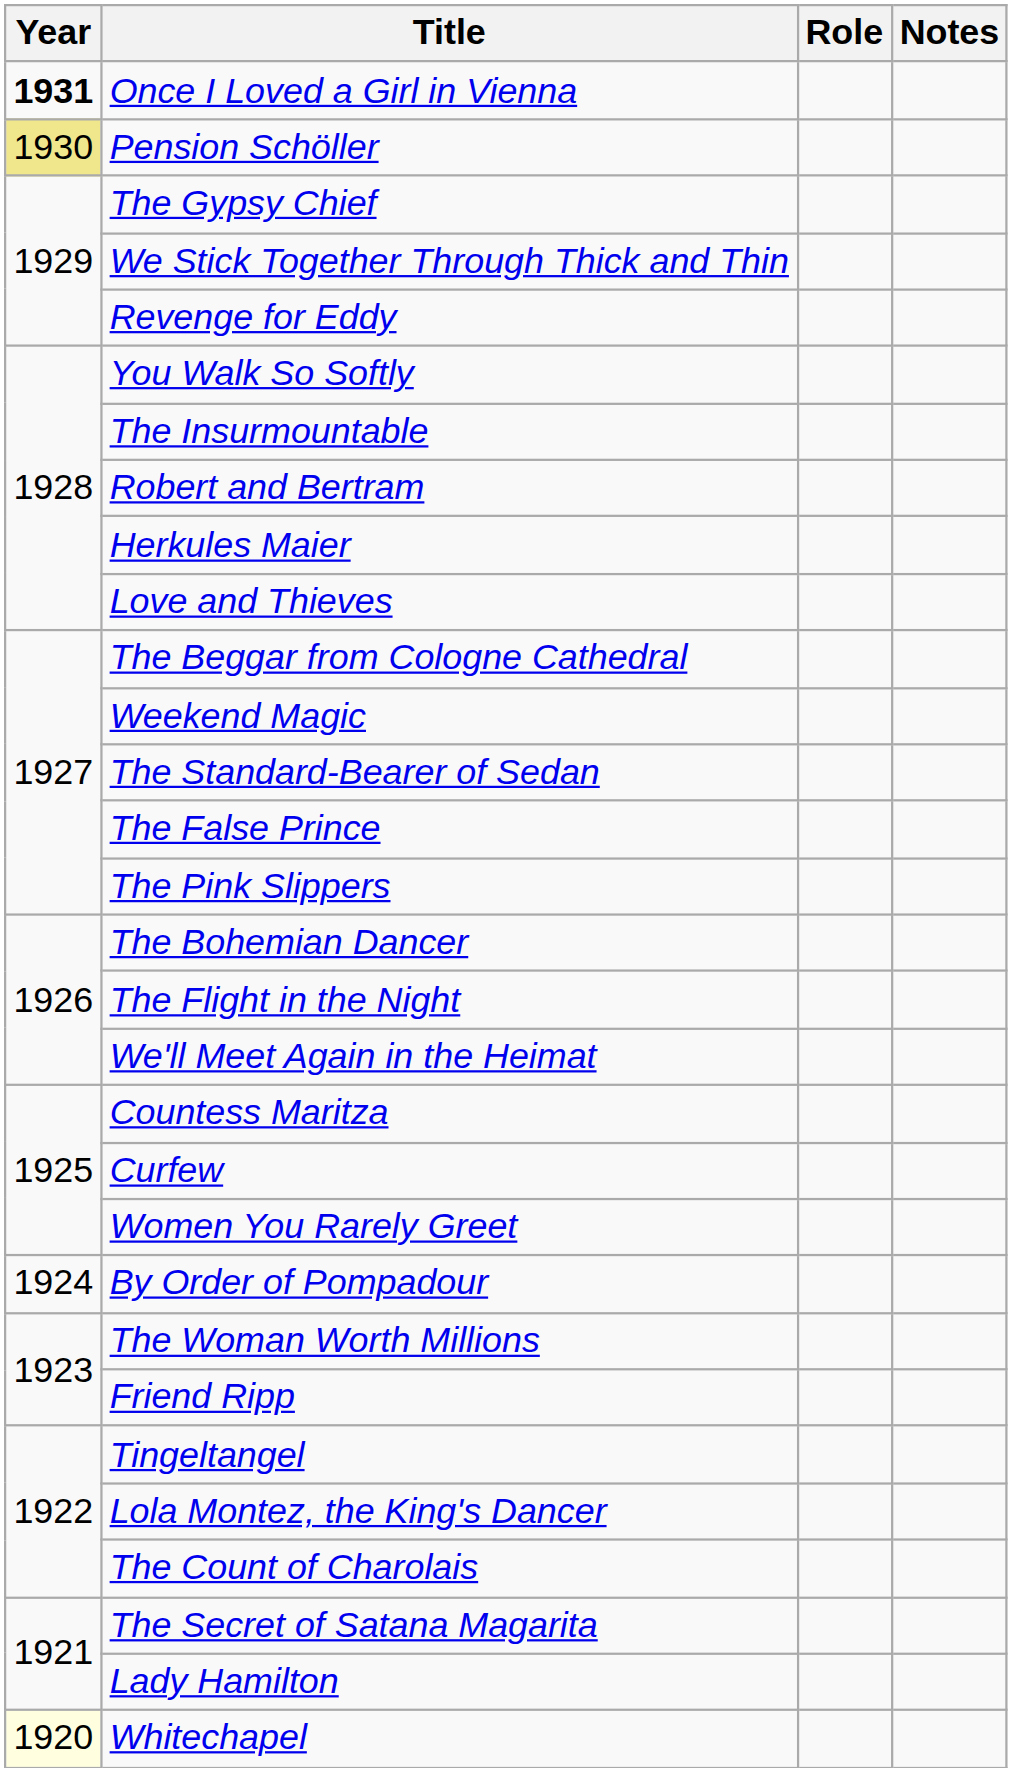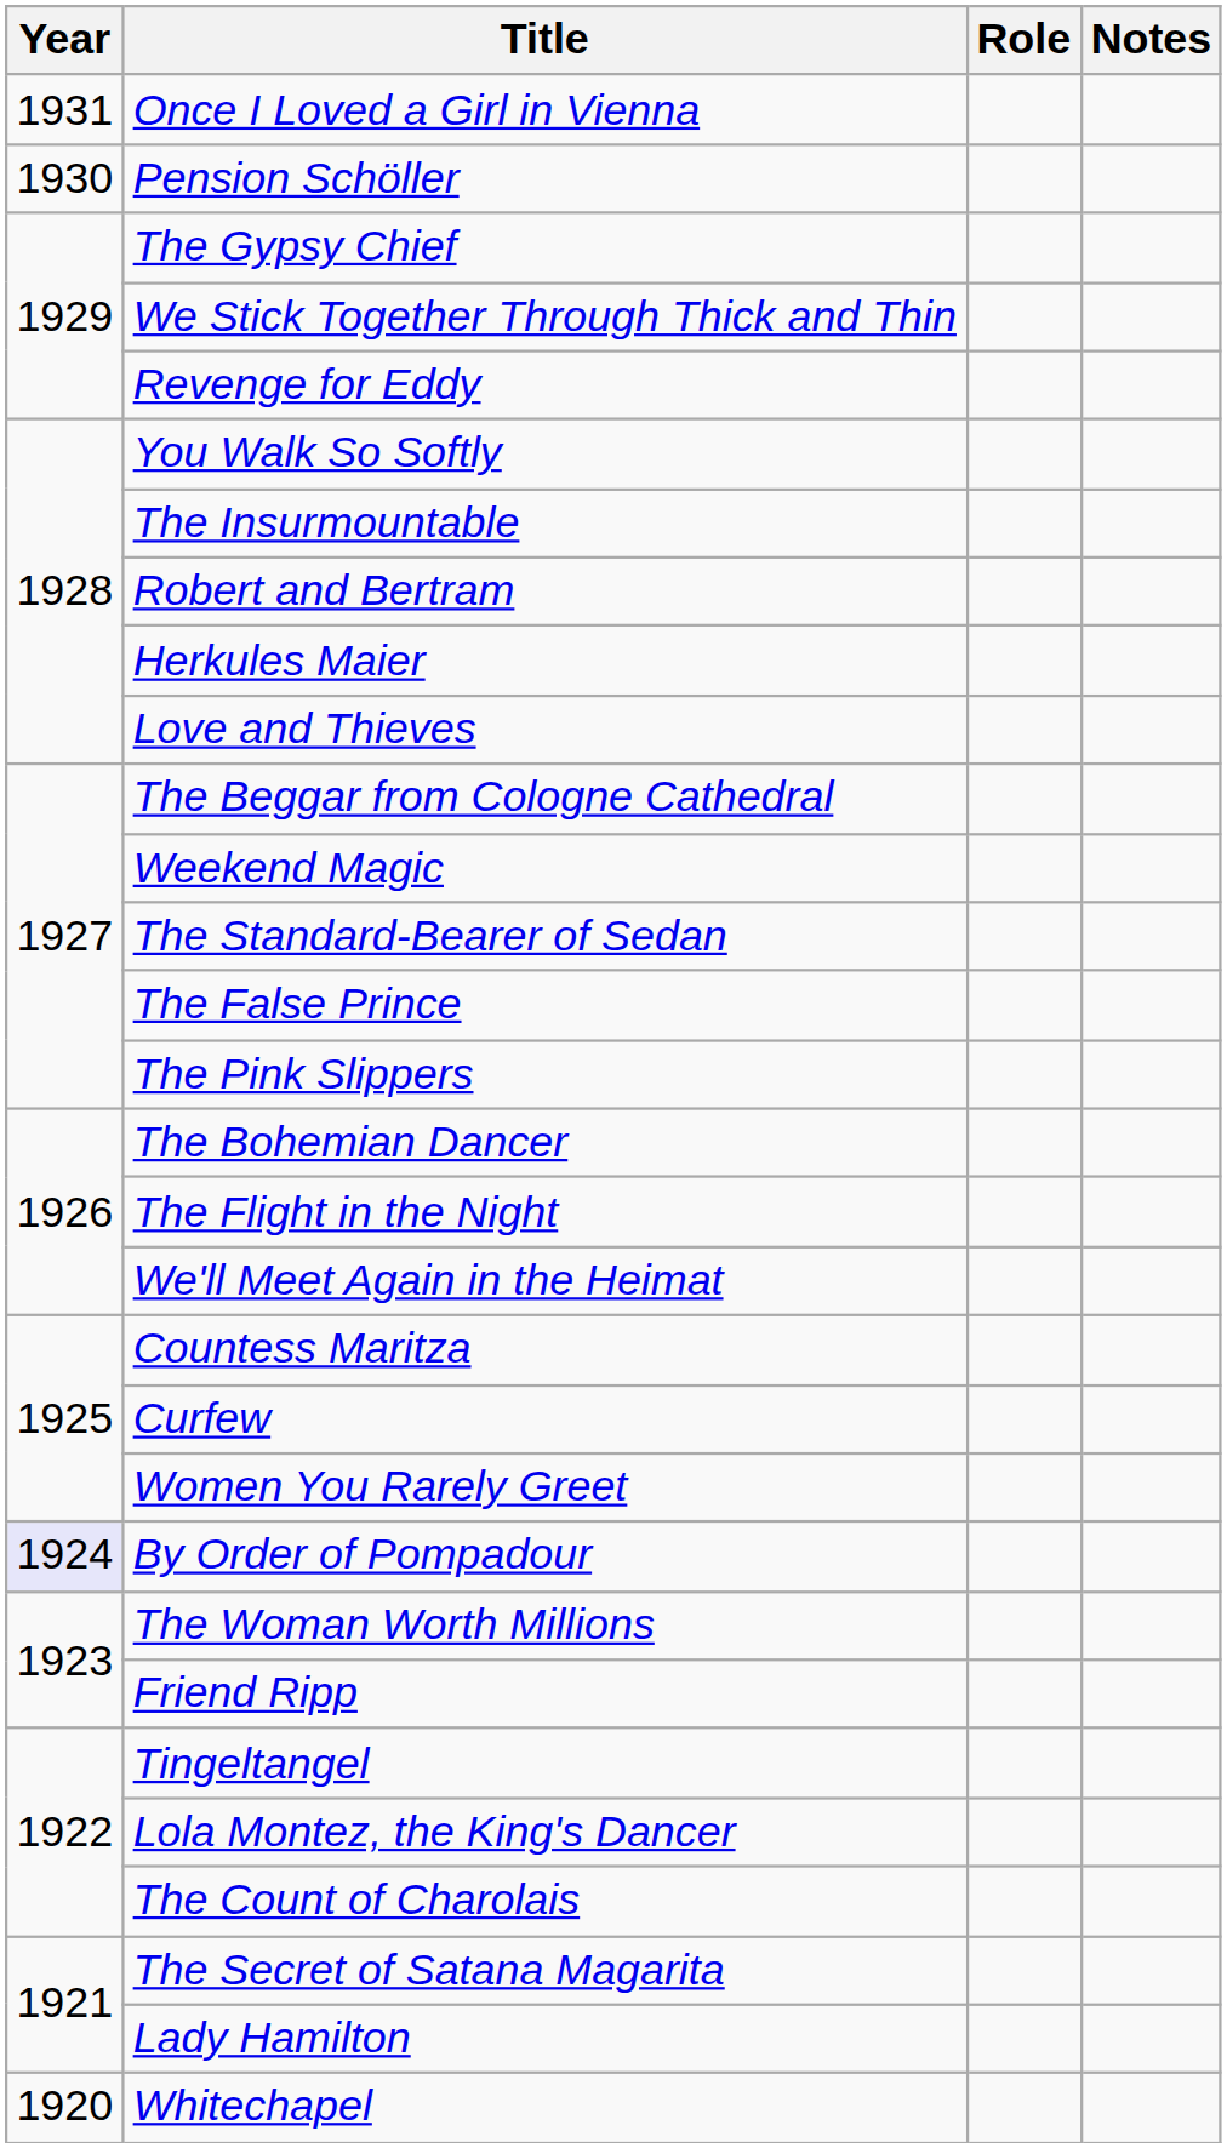 <table class="wikitable sortable">
 <tr>
 <th>Year</th>
 <th>Title</th>
 <th>Role</th>
 <th class="unsortable">Notes</th>
 </tr>
 <tr>
-<td><strong>1931</strong></td>
+<td>1931</td>
 <td><em><a href='#'>Once I Loved a Girl in Vienna</a></em></td>
 <td></td>
 <td></td>
 </tr>
 <tr>
-<td style="background: khaki;">1930</td>
+<td>1930</td>
 <td><em><a href='#'>Pension Schöller</a></em></td>
 <td></td>
 <td></td>
 </tr>
 <tr>
 <td rowspan=3>1929</td>
 <td><em><a href='#'>The Gypsy Chief</a></em></td>
 <td></td>
 <td></td>
 </tr>
 <tr>
 <td><em><a href='#'>We Stick Together Through Thick and Thin</a></em></td>
 <td></td>
 <td></td>
 </tr>
 <tr>
 <td><em><a href='#'>Revenge for Eddy</a></em></td>
 <td></td>
 <td></td>
 </tr>
 <tr>
 <td rowspan=5>1928</td>
 <td><em><a href='#'>You Walk So Softly</a></em></td>
 <td></td>
 <td></td>
 </tr>
 <tr>
 <td><em><a href='#'>The Insurmountable</a></em></td>
 <td></td>
 <td></td>
 </tr>
 <tr>
 <td><em><a href='#'>Robert and Bertram</a></em></td>
 <td></td>
 <td></td>
 </tr>
 <tr>
 <td><em><a href='#'>Herkules Maier</a></em></td>
 <td></td>
 <td></td>
 </tr>
 <tr>
 <td><em><a href='#'>Love and Thieves</a></em></td>
 <td></td>
 <td></td>
 </tr>
 <tr>
 <td rowspan=5>1927</td>
 <td><em><a href='#'>The Beggar from Cologne Cathedral</a></em></td>
 <td></td>
 <td></td>
 </tr>
 <tr>
 <td><em><a href='#'>Weekend Magic</a></em></td>
 <td></td>
 <td></td>
 </tr>
 <tr>
 <td><em><a href='#'>The Standard-Bearer of Sedan</a></em></td>
 <td></td>
 <td></td>
 </tr>
 <tr>
 <td><em><a href='#'>The False Prince</a></em></td>
 <td></td>
 <td></td>
 </tr>
 <tr>
 <td><em><a href='#'>The Pink Slippers</a></em></td>
 <td></td>
 <td></td>
 </tr>
 <tr>
 <td rowspan=3>1926</td>
 <td><em><a href='#'>The Bohemian Dancer</a></em></td>
 <td></td>
 <td></td>
 </tr>
 <tr>
 <td><em><a href='#'>The Flight in the Night</a></em></td>
 <td></td>
 <td></td>
 </tr>
 <tr>
 <td><em><a href='#'>We'll Meet Again in the Heimat</a></em></td>
 <td></td>
 <td></td>
 </tr>
 <tr>
 <td rowspan=3>1925</td>
 <td><em><a href='#'>Countess Maritza</a></em></td>
 <td></td>
 <td></td>
 </tr>
 <tr>
 <td><em><a href='#'>Curfew</a></em></td>
 <td></td>
 <td></td>
 </tr>
 <tr>
 <td><em><a href='#'>Women You Rarely Greet</a></em></td>
 <td></td>
 <td></td>
 </tr>
 <tr>
-<td>1924</td>
+<td style="background: lavender;">1924</td>
 <td><em><a href='#'>By Order of Pompadour</a></em></td>
 <td></td>
 <td></td>
 </tr>
 <tr>
 <td rowspan=2>1923</td>
 <td><em><a href='#'>The Woman Worth Millions</a></em></td>
 <td></td>
 <td></td>
 </tr>
 <tr>
 <td><em><a href='#'>Friend Ripp</a></em></td>
 <td></td>
 <td></td>
 </tr>
 <tr>
 <td rowspan=3>1922</td>
 <td><em><a href='#'>Tingeltangel</a></em></td>
 <td></td>
 <td></td>
 </tr>
 <tr>
 <td><em><a href='#'>Lola Montez, the King's Dancer</a></em></td>
 <td></td>
 <td></td>
 </tr>
 <tr>
 <td><em><a href='#'>The Count of Charolais</a></em></td>
 <td></td>
 <td></td>
 </tr>
 <tr>
 <td rowspan=2>1921</td>
 <td><em><a href='#'>The Secret of Satana Magarita</a></em></td>
 <td></td>
 <td></td>
 </tr>
 <tr>
 <td><em><a href='#'>Lady Hamilton</a></em></td>
 <td></td>
 <td></td>
 </tr>
 <tr>
-<td style="background: lightyellow;">1920</td>
+<td>1920</td>
 <td><em><a href='#'>Whitechapel</a></em></td>
 <td></td>
 <td></td>
 </tr>
 </table>
